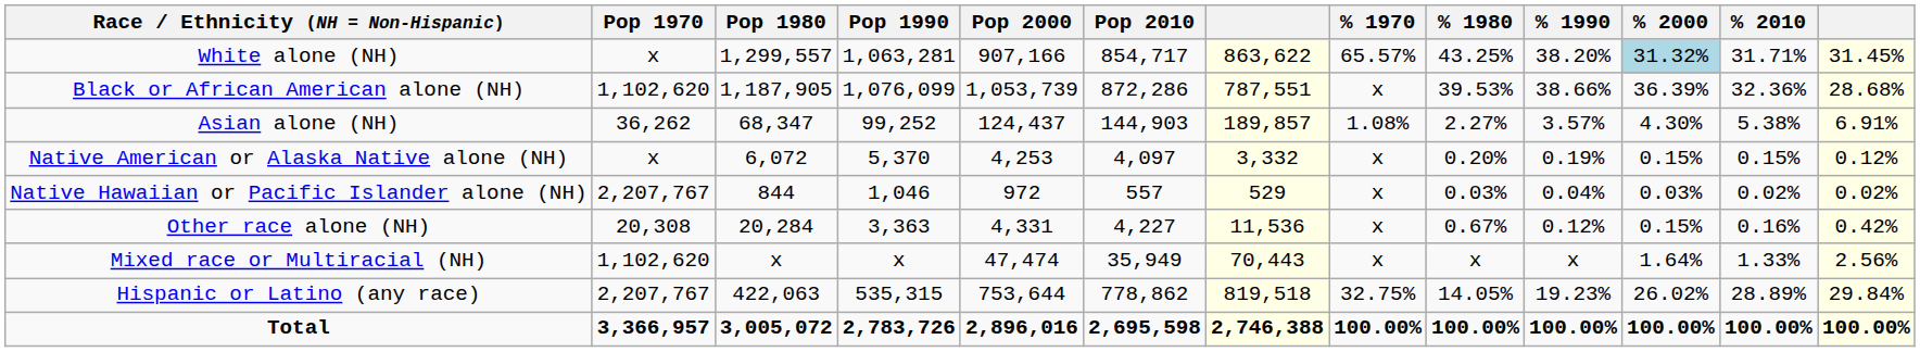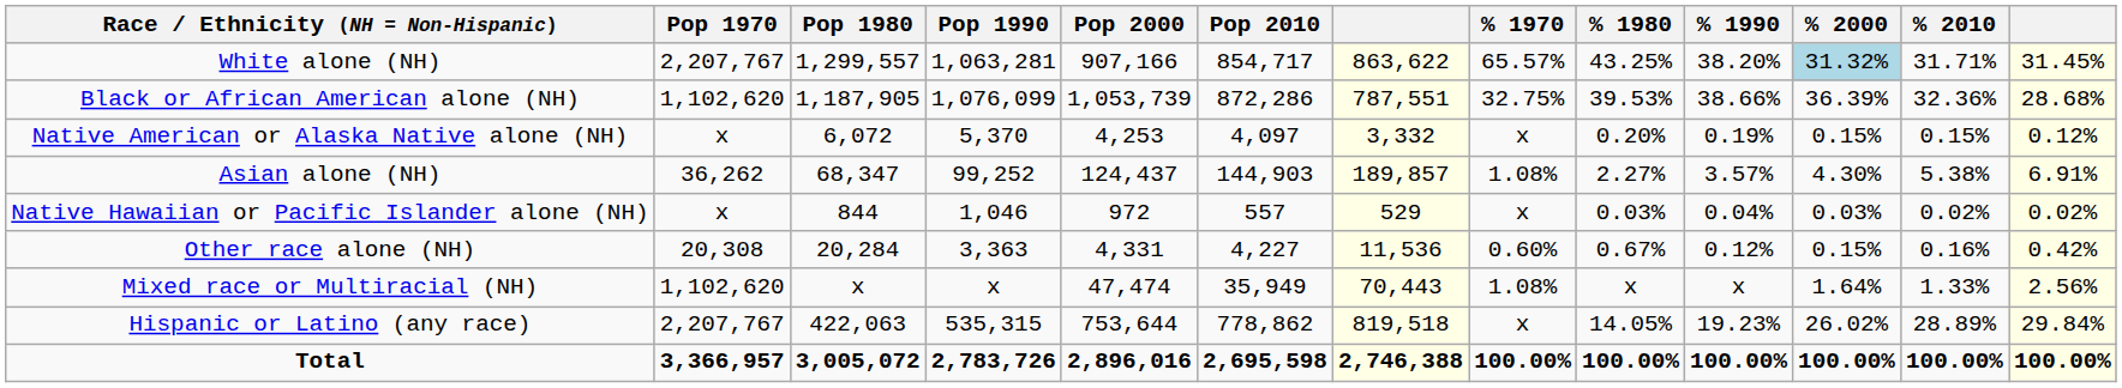 <table class="wikitable" style="text-align:center;">
 <tr>
 <th>Race / Ethnicity <small>(<em>NH = Non-Hispanic</em>)</small></th>
 <th>Pop 1970</th>
 <th>Pop 1980</th>
 <th>Pop 1990</th>
 <th>Pop 2000</th>
 <th>Pop 2010</th>
 <th></th>
 <th>% 1970</th>
 <th>% 1980</th>
 <th>% 1990</th>
 <th>% 2000</th>
 <th>% 2010</th>
 <th></th>
 </tr>
 <tr>
 <td><a href='#'>White</a> alone (NH)</td>
-<td>x</td>
+<td>2,207,767</td>
 <td>1,299,557</td>
 <td>1,063,281</td>
 <td>907,166</td>
 <td>854,717</td>
 <td style='background: #ffffe6;'>863,622</td>
 <td>65.57%</td>
 <td>43.25%</td>
 <td>38.20%</td>
 <td style="background: lightblue;">31.32%</td>
 <td>31.71%</td>
 <td style='background: #ffffe6;'>31.45%</td>
 </tr>
 <tr>
 <td><a href='#'>Black or African American</a> alone (NH)</td>
 <td>1,102,620</td>
 <td>1,187,905</td>
 <td>1,076,099</td>
 <td>1,053,739</td>
 <td>872,286</td>
 <td style='background: #ffffe6;'>787,551</td>
-<td>x</td>
+<td>32.75%</td>
 <td>39.53%</td>
 <td>38.66%</td>
 <td>36.39%</td>
 <td>32.36%</td>
 <td style='background: #ffffe6;'>28.68%</td>
+</tr>
+<tr>
+<td><a href='#'>Native American</a> or <a href='#'>Alaska Native</a> alone (NH)</td>
+<td>x</td>
+<td>6,072  </td>
+<td>5,370</td>
+<td>4,253</td>
+<td>4,097</td>
+<td style='background: #ffffe6;'>3,332</td>
+<td>x</td>
+<td>0.20%</td>
+<td>0.19%</td>
+<td>0.15%</td>
+<td>0.15%</td>
+<td style='background: #ffffe6;'>0.12%</td>
 </tr>
 <tr>
 <td><a href='#'>Asian</a> alone (NH)</td>
 <td>36,262</td>
 <td>68,347 </td>
 <td>99,252</td>
 <td>124,437</td>
 <td>144,903</td>
 <td style='background: #ffffe6;'>189,857</td>
 <td>1.08%</td>
 <td>2.27%</td>
 <td>3.57%</td>
 <td>4.30%</td>
 <td>5.38%</td>
 <td style='background: #ffffe6;'>6.91%</td>
 </tr>
 <tr>
-<td><a href='#'>Native American</a> or <a href='#'>Alaska Native</a> alone (NH)</td>
+<td><a href='#'>Native Hawaiian</a> or <a href='#'>Pacific Islander</a> alone (NH)</td>
 <td>x</td>
-<td>6,072  </td>
-<td>5,370</td>
-<td>4,253</td>
-<td>4,097</td>
-<td style='background: #ffffe6;'>3,332</td>
-<td>x</td>
-<td>0.20%</td>
-<td>0.19%</td>
-<td>0.15%</td>
-<td>0.15%</td>
-<td style='background: #ffffe6;'>0.12%</td>
-</tr>
-<tr>
-<td><a href='#'>Native Hawaiian</a> or <a href='#'>Pacific Islander</a> alone (NH)</td>
-<td>2,207,767</td>
 <td>844 </td>
 <td>1,046 </td>
 <td>972</td>
 <td>557</td>
 <td style='background: #ffffe6;'>529</td>
 <td>x</td>
 <td>0.03%</td>
 <td>0.04%</td>
 <td>0.03%</td>
 <td>0.02%</td>
 <td style='background: #ffffe6;'>0.02%</td>
 </tr>
 <tr>
 <td><a href='#'>Other race</a> alone (NH)</td>
 <td>20,308</td>
 <td>20,284 </td>
 <td>3,363</td>
 <td>4,331</td>
 <td>4,227</td>
 <td style='background: #ffffe6;'>11,536</td>
-<td>x</td>
+<td>0.60%</td>
 <td>0.67%</td>
 <td>0.12%</td>
 <td>0.15%</td>
 <td>0.16%</td>
 <td style='background: #ffffe6;'>0.42%</td>
 </tr>
 <tr>
 <td><a href='#'>Mixed race or Multiracial</a> (NH)</td>
 <td>1,102,620</td>
 <td>x </td>
 <td>x </td>
 <td>47,474</td>
 <td>35,949</td>
 <td style='background: #ffffe6;'>70,443</td>
-<td>x</td>
+<td>1.08%</td>
 <td>x</td>
 <td>x</td>
 <td>1.64%</td>
 <td>1.33%</td>
 <td style='background: #ffffe6;'>2.56%</td>
 </tr>
 <tr>
 <td><a href='#'>Hispanic or Latino</a> (any race)</td>
 <td>2,207,767</td>
 <td>422,063</td>
 <td>535,315</td>
 <td>753,644</td>
 <td>778,862</td>
 <td style='background: #ffffe6;'>819,518</td>
-<td>32.75%</td>
+<td>x</td>
 <td>14.05%</td>
 <td>19.23%</td>
 <td>26.02%</td>
 <td>28.89%</td>
 <td style='background: #ffffe6;'>29.84%</td>
 </tr>
 <tr>
 <td><strong>Total</strong></td>
 <td><strong>3,366,957</strong></td>
 <td><strong>3,005,072</strong></td>
 <td><strong>2,783,726</strong></td>
 <td><strong>2,896,016</strong></td>
 <td><strong>2,695,598</strong></td>
 <td style='background: #ffffe6;'><strong>2,746,388</strong></td>
 <td><strong>100.00%</strong></td>
 <td><strong>100.00%</strong></td>
 <td><strong>100.00%</strong></td>
 <td><strong>100.00%</strong></td>
 <td><strong>100.00%</strong></td>
 <td style='background: #ffffe6;'><strong>100.00%</strong></td>
 </tr>
 </table>
